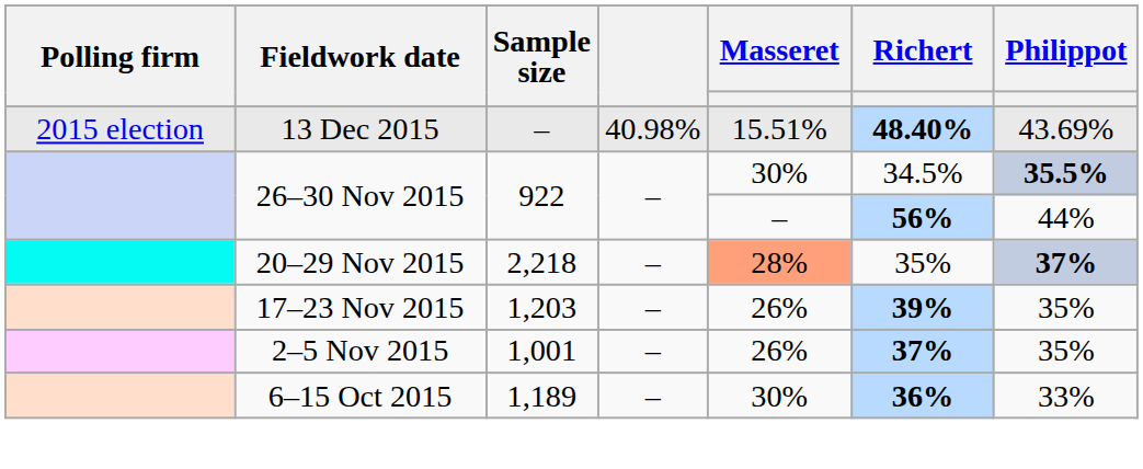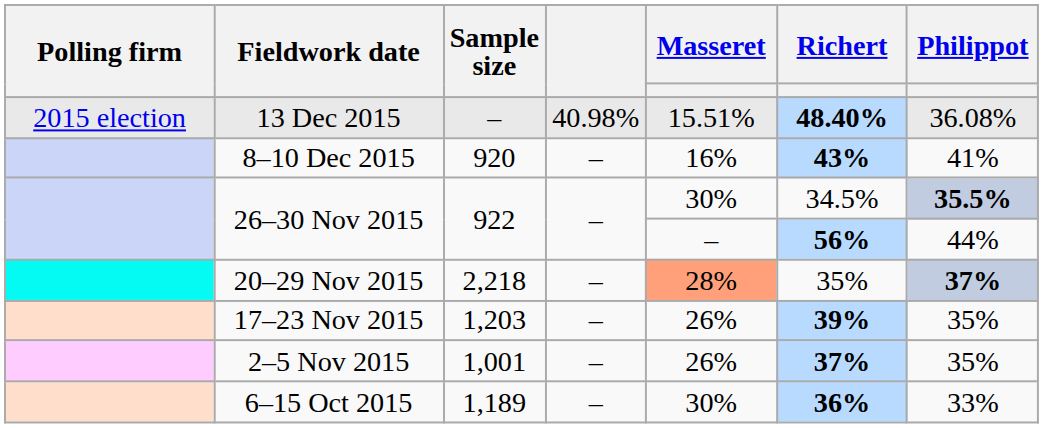 <table class="wikitable sortable" style="text-align:center;font-size:90%;line-height:14px;">
 <tr style="height:40px;">
 <th style="width:100px;" rowspan="2">Polling firm</th>
 <th style="width:110px;" rowspan="2">Fieldwork date</th>
 <th style="width:35px;" rowspan="2">Sample<br>size</th>
 <th style="width:30px;" rowspan="2"></th>
 <th class="unsortable" style="width:60px;"><a href='#'>Masseret</a><br></th>
 <th class="unsortable" style="width:60px;"><a href='#'>Richert</a><br></th>
 <th class="unsortable" style="width:60px;"><a href='#'>Philippot</a><br></th>
 </tr>
 <tr>
 <th style="background:"></th>
 <th style="background:"></th>
 <th style="background:"></th>
 </tr>
 <tr style="background:#E9E9E9;">
 <td><a href='#'>2015 election</a></td>
 <td data-sort-value="2015-12-13">13 Dec 2015</td>
 <td>–</td>
 <td>40.98%</td>
 <td>15.51%</td>
 <td style="background:#B9DAFF;"><strong>48.40%</strong></td>
-<td>43.69%</td>
+<td>36.08%</td>
+</tr>
+<tr>
+<td style="background:#CAD5F7;"></td>
+<td data-sort-value="2015-12-10">8–10 Dec 2015</td>
+<td>920</td>
+<td>–</td>
+<td>16%</td>
+<td style="background:#B9DAFF;"><strong>43%</strong></td>
+<td>41%</td>
 </tr>
 <tr>
 <td rowspan="2" style="background:#CAD5F7;"></td>
 <td rowspan="2" data-sort-value="2015-11-30">26–30 Nov 2015</td>
 <td rowspan="2">922</td>
 <td rowspan="2">–</td>
 <td>30%</td>
 <td>34.5%</td>
 <td style="background:#C1CCE1;"><strong>35.5%</strong></td>
 </tr>
 <tr>
 <td>–</td>
 <td style="background:#B9DAFF;"><strong>56%</strong></td>
 <td>44%</td>
 </tr>
 <tr>
 <td style="background:#04FBF4;"></td>
 <td data-sort-value="2015-11-29">20–29 Nov 2015</td>
 <td>2,218</td>
 <td>–</td>
 <td style="background: lightsalmon;">28%</td>
 <td>35%</td>
 <td style="background:#C1CCE1;"><strong>37%</strong></td>
 </tr>
 <tr>
 <td style="background:#FFDFCC;"></td>
 <td data-sort-value="2015-11-23">17–23 Nov 2015</td>
 <td>1,203</td>
 <td>–</td>
 <td>26%</td>
 <td style="background:#B9DAFF;"><strong>39%</strong></td>
 <td>35%</td>
 </tr>
 <tr>
 <td style="background:#FFCCFF;"></td>
 <td data-sort-value="2015-11-05">2–5 Nov 2015</td>
 <td>1,001</td>
 <td>–</td>
 <td>26%</td>
 <td style="background:#B9DAFF;"><strong>37%</strong></td>
 <td>35%</td>
 </tr>
 <tr>
 <td style="background:#FFDFCC;"></td>
 <td data-sort-value="2015-10-15">6–15 Oct 2015</td>
 <td>1,189</td>
 <td>–</td>
 <td>30%</td>
 <td style="background:#B9DAFF;"><strong>36%</strong></td>
 <td>33%</td>
 </tr>
 </table>
